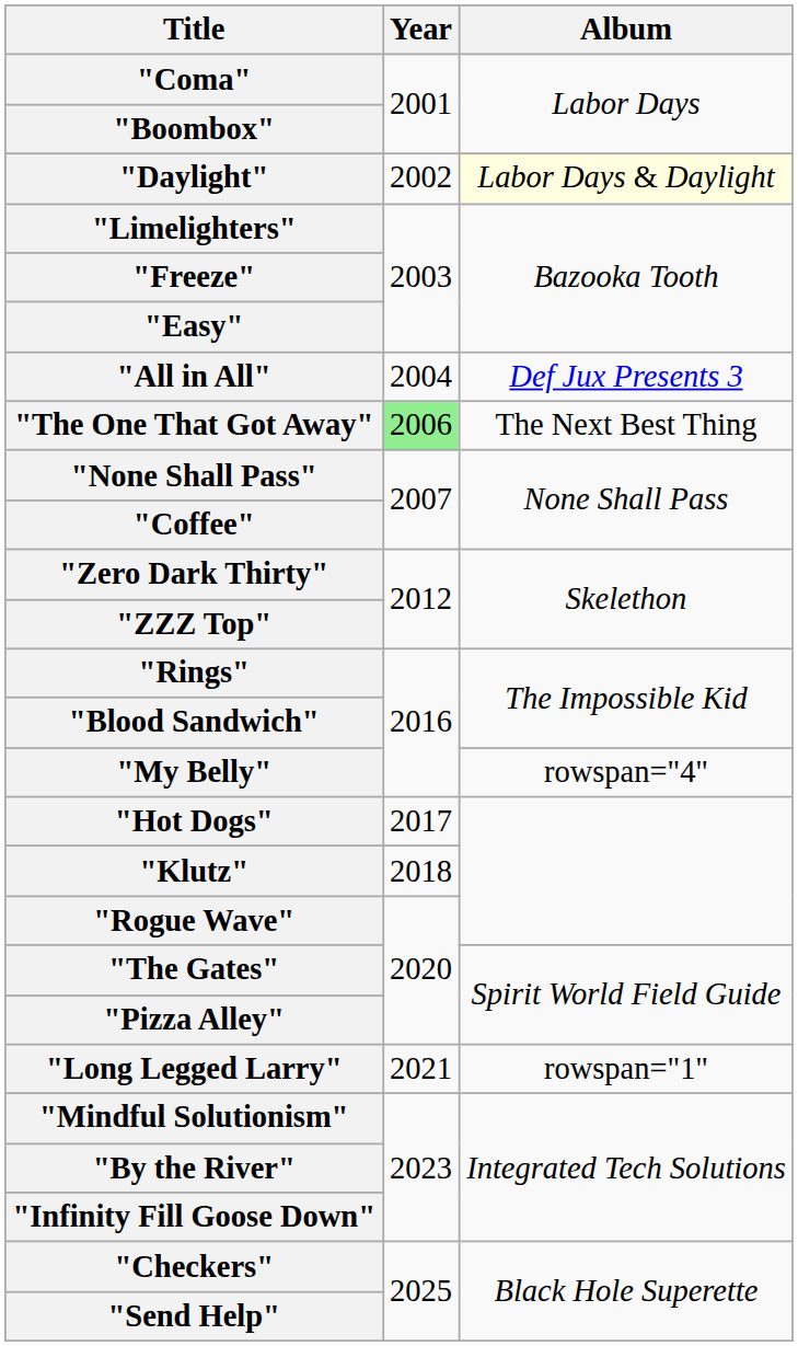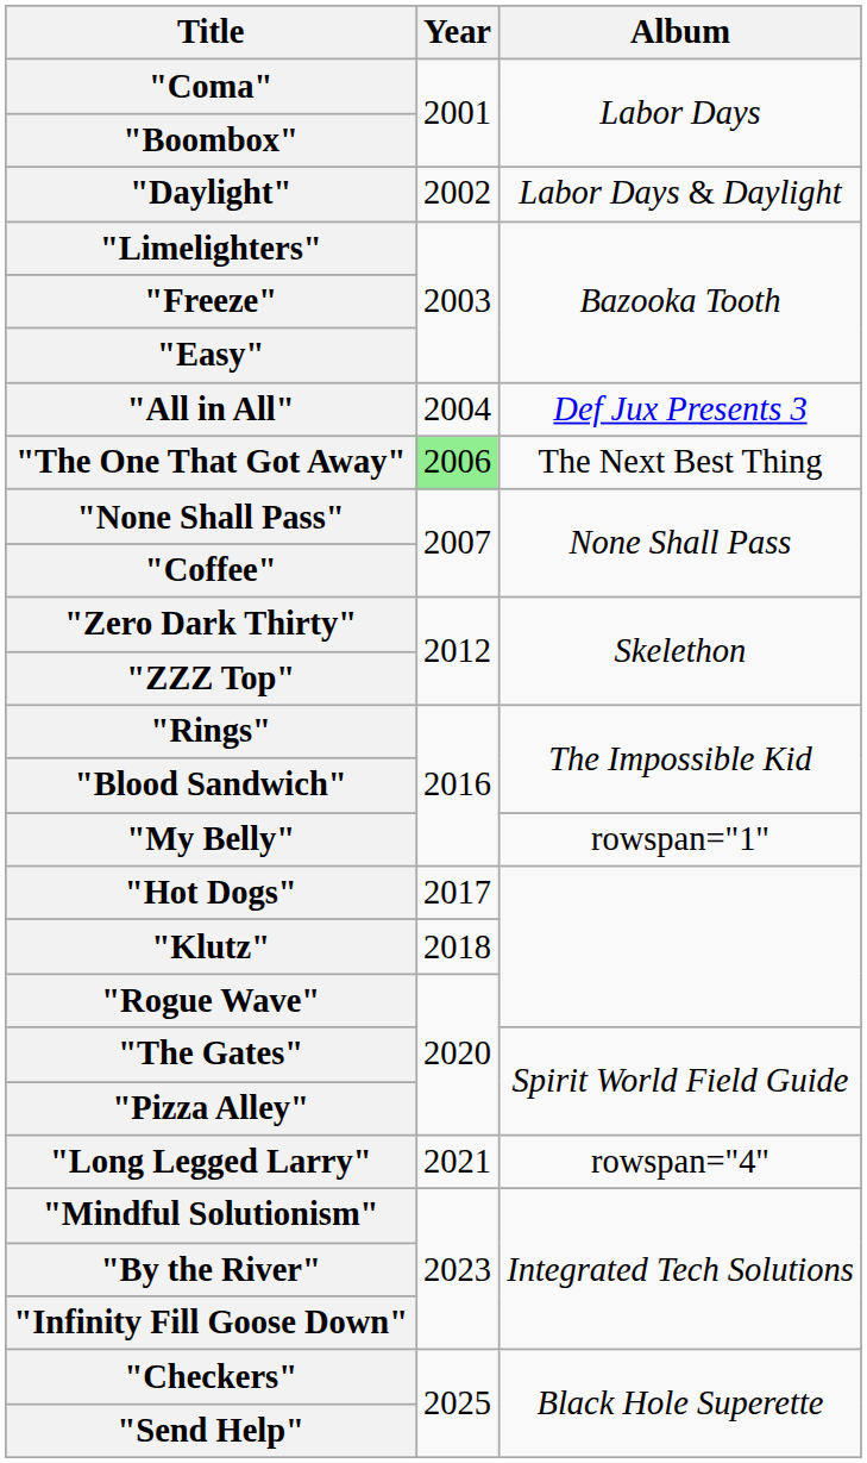 <table class="wikitable plainrowheaders" style="text-align:center;">
 <tr>
 <th scope="col">Title</th>
 <th scope="col">Year</th>
 <th scope="col">Album</th>
 </tr>
 <tr>
 <th scope="row">"Coma"</th>
 <td rowspan="2">2001</td>
 <td rowspan="2"><em>Labor Days</em></td>
 </tr>
 <tr>
 <th scope="row">"Boombox"</th>
 </tr>
 <tr>
 <th scope="row">"Daylight"</th>
 <td>2002</td>
-<td style="background: lightyellow;"><em>Labor Days</em> & <em>Daylight</em></td>
+<td><em>Labor Days</em> & <em>Daylight</em></td>
 </tr>
 <tr>
 <th scope="row">"Limelighters"</th>
 <td rowspan="3">2003</td>
 <td rowspan="3"><em>Bazooka Tooth</em></td>
 </tr>
 <tr>
 <th scope="row">"Freeze"</th>
 </tr>
 <tr>
 <th scope="row">"Easy"</th>
 </tr>
 <tr>
 <th scope="row">"All in All"</th>
 <td>2004</td>
 <td><em><a href='#'>Def Jux Presents 3</a></em></td>
 </tr>
 <tr>
 <th scope="row">"The One That Got Away"</th>
 <td style="background: lightgreen;">2006</td>
 <td>The Next Best Thing</td>
 </tr>
 <tr>
 <th scope="row">"None Shall Pass"</th>
 <td rowspan="2">2007</td>
 <td rowspan="2"><em>None Shall Pass</em></td>
 </tr>
 <tr>
 <th scope="row">"Coffee"</th>
 </tr>
 <tr>
 <th scope="row">"Zero Dark Thirty"</th>
 <td rowspan="2">2012</td>
 <td rowspan="2"><em>Skelethon</em></td>
 </tr>
 <tr>
 <th scope="row">"ZZZ Top"</th>
 </tr>
 <tr>
 <th scope="row">"Rings"</th>
 <td rowspan="3">2016</td>
 <td rowspan="2"><em>The Impossible Kid</em></td>
 </tr>
 <tr>
 <th scope="row">"Blood Sandwich"</th>
 </tr>
 <tr>
 <th scope="row">"My Belly"</th>
-<td>rowspan="4" </td>
+<td>rowspan="1" </td>
 </tr>
 <tr>
 <th scope="row">"Hot Dogs"</th>
 <td>2017</td>
 </tr>
 <tr>
 <th scope="row">"Klutz"</th>
 <td>2018</td>
 </tr>
 <tr>
 <th scope="row">"Rogue Wave"</th>
 <td rowspan="3">2020</td>
 </tr>
 <tr>
 <th scope="row">"The Gates"</th>
 <td rowspan="2"><em>Spirit World Field Guide</em></td>
 </tr>
 <tr>
 <th scope="row">"Pizza Alley"</th>
 </tr>
 <tr>
 <th scope="row">"Long Legged Larry"</th>
 <td rowspan="1">2021</td>
-<td>rowspan="1" </td>
+<td>rowspan="4" </td>
 </tr>
 <tr>
 <th scope="row">"Mindful Solutionism"</th>
 <td rowspan="3">2023</td>
 <td rowspan="3"><em>Integrated Tech Solutions</em></td>
 </tr>
 <tr>
 <th scope="row">"By the River"</th>
 </tr>
 <tr>
 <th scope="row">"Infinity Fill Goose Down"</th>
 </tr>
 <tr>
 <th scope="row">"Checkers"</th>
 <td rowspan="2">2025</td>
 <td rowspan="2"><em>Black Hole Superette</em></td>
 </tr>
 <tr>
 <th scope="row">"Send Help"</th>
 </tr>
 </table>
